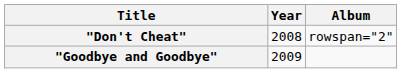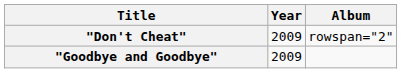 <table class="wikitable plainrowheaders" style="text-align:center">
 <tr>
 <th style="width:20em">Title</th>
 <th scope="col">Year</th>
 <th>Album</th>
 </tr>
 <tr>
 <th scope="row">"Don't Cheat" </th>
-<td>2008</td>
+<td>2009</td>
 <td>rowspan="2" </td>
 </tr>
 <tr>
 <th scope="row">"Goodbye and Goodbye" </th>
 <td>2009</td>
 </tr>
 </table>
